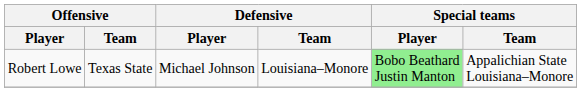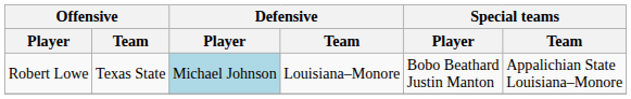 <table class="wikitable">
 <tr>
 <th colspan="2">Offensive</th>
 <th colspan="2">Defensive</th>
 <th colspan="2">Special teams</th>
 </tr>
 <tr>
 <th>Player</th>
 <th>Team</th>
 <th>Player</th>
 <th>Team</th>
 <th>Player</th>
 <th>Team</th>
 </tr>
 <tr>
 <td>Robert Lowe</td>
 <td>Texas State</td>
-<td>Michael Johnson</td>
+<td style="background: lightblue;">Michael Johnson</td>
 <td>Louisiana–Monore</td>
-<td style="background: lightgreen;">Bobo Beathard <br>Justin Manton</td>
+<td>Bobo Beathard <br>Justin Manton</td>
 <td>Appalichian State <br>Louisiana–Monore</td>
 </tr>
 <tr>
 </tr>
 </table>
